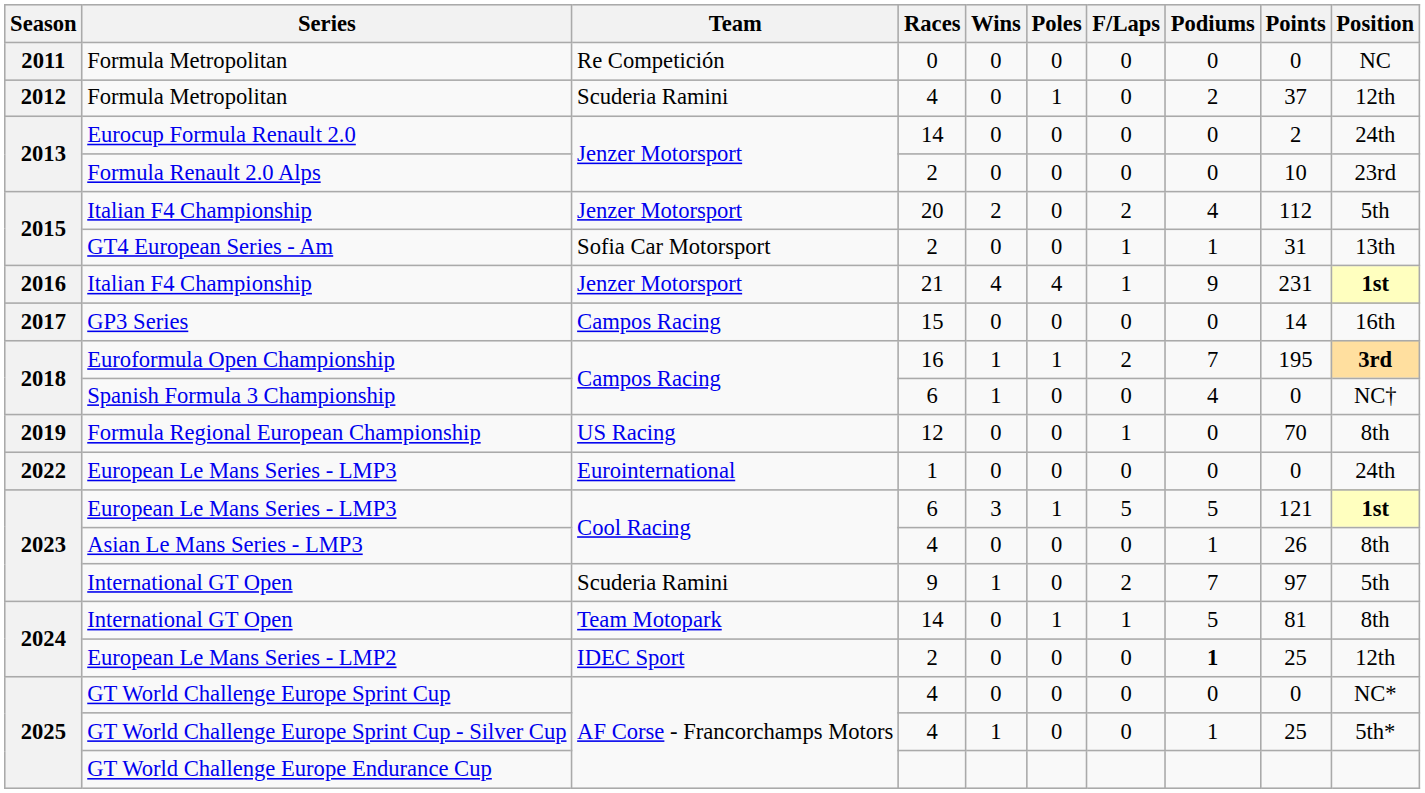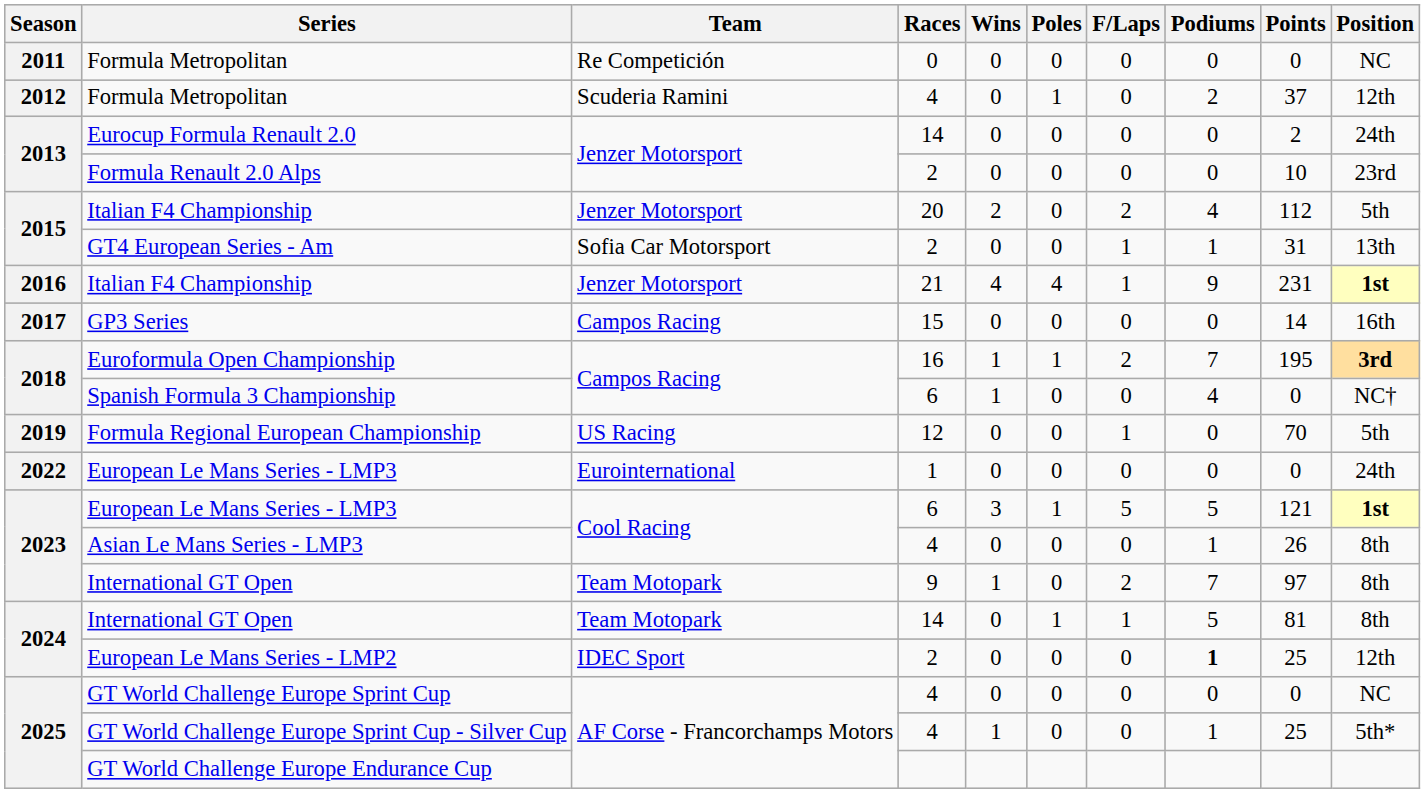 <table class="wikitable" style="font-size: 90%; text-align:center">
 <tr>
 <th>Season</th>
 <th>Series</th>
 <th>Team</th>
 <th>Races</th>
 <th>Wins</th>
 <th>Poles</th>
 <th>F/Laps</th>
 <th>Podiums</th>
 <th>Points</th>
 <th>Position</th>
 </tr>
 <tr>
 <th>2011</th>
 <td align=left>Formula Metropolitan</td>
 <td align=left>Re Competición</td>
 <td>0</td>
 <td>0</td>
 <td>0</td>
 <td>0</td>
 <td>0</td>
 <td>0</td>
 <td>NC</td>
 </tr>
 <tr>
 <th>2012</th>
 <td align=left>Formula Metropolitan</td>
 <td align=left>Scuderia Ramini</td>
 <td>4</td>
 <td>0</td>
 <td>1</td>
 <td>0</td>
 <td>2</td>
 <td>37</td>
 <td>12th</td>
 </tr>
 <tr>
 <th rowspan=2>2013</th>
 <td align=left><a href='#'>Eurocup Formula Renault 2.0</a></td>
 <td align=left rowspan=2><a href='#'>Jenzer Motorsport</a></td>
 <td>14</td>
 <td>0</td>
 <td>0</td>
 <td>0</td>
 <td>0</td>
 <td>2</td>
 <td>24th</td>
 </tr>
 <tr>
 <td align=left><a href='#'>Formula Renault 2.0 Alps</a></td>
 <td>2</td>
 <td>0</td>
 <td>0</td>
 <td>0</td>
 <td>0</td>
 <td>10</td>
 <td>23rd</td>
 </tr>
 <tr>
 <th rowspan=2>2015</th>
 <td align=left><a href='#'>Italian F4 Championship</a></td>
 <td align=left><a href='#'>Jenzer Motorsport</a></td>
 <td>20</td>
 <td>2</td>
 <td>0</td>
 <td>2</td>
 <td>4</td>
 <td>112</td>
 <td>5th</td>
 </tr>
 <tr>
 <td align=left><a href='#'>GT4 European Series - Am</a></td>
 <td align=left>Sofia Car Motorsport</td>
 <td>2</td>
 <td>0</td>
 <td>0</td>
 <td>1</td>
 <td>1</td>
 <td>31</td>
 <td>13th</td>
 </tr>
 <tr>
 <th>2016</th>
 <td align=left><a href='#'>Italian F4 Championship</a></td>
 <td align=left><a href='#'>Jenzer Motorsport</a></td>
 <td>21</td>
 <td>4</td>
 <td>4</td>
 <td>1</td>
 <td>9</td>
 <td>231</td>
 <td style="background:#FFFFBF;"><strong>1st</strong></td>
 </tr>
 <tr>
 <th>2017</th>
 <td align=left><a href='#'>GP3 Series</a></td>
 <td align=left><a href='#'>Campos Racing</a></td>
 <td>15</td>
 <td>0</td>
 <td>0</td>
 <td>0</td>
 <td>0</td>
 <td>14</td>
 <td>16th</td>
 </tr>
 <tr>
 <th rowspan=2>2018</th>
 <td align=left><a href='#'>Euroformula Open Championship</a></td>
 <td align=left rowspan=2><a href='#'>Campos Racing</a></td>
 <td>16</td>
 <td>1</td>
 <td>1</td>
 <td>2</td>
 <td>7</td>
 <td>195</td>
 <td style="background:#FFDF9F;"><strong>3rd</strong></td>
 </tr>
 <tr>
 <td align=left><a href='#'>Spanish Formula 3 Championship</a></td>
 <td>6</td>
 <td>1</td>
 <td>0</td>
 <td>0</td>
 <td>4</td>
 <td>0</td>
 <td>NC†</td>
 </tr>
 <tr>
 <th>2019</th>
 <td align=left><a href='#'>Formula Regional European Championship</a></td>
 <td align=left><a href='#'>US Racing</a></td>
 <td>12</td>
 <td>0</td>
 <td>0</td>
 <td>1</td>
 <td>0</td>
 <td>70</td>
-<td>8th</td>
+<td>5th</td>
 </tr>
 <tr>
 <th>2022</th>
 <td align=left><a href='#'>European Le Mans Series - LMP3</a></td>
 <td align=left><a href='#'>Eurointernational</a></td>
 <td>1</td>
 <td>0</td>
 <td>0</td>
 <td>0</td>
 <td>0</td>
 <td>0</td>
 <td>24th</td>
 </tr>
 <tr>
 <th rowspan="3">2023</th>
 <td align="left"><a href='#'>European Le Mans Series - LMP3</a></td>
 <td rowspan="2" align="left"><a href='#'>Cool Racing</a></td>
 <td>6</td>
 <td>3</td>
 <td>1</td>
 <td>5</td>
 <td>5</td>
 <td>121</td>
 <td style="background:#FFFFBF;"><strong>1st</strong></td>
 </tr>
 <tr>
 <td align=left><a href='#'>Asian Le Mans Series - LMP3</a></td>
 <td>4</td>
 <td>0</td>
 <td>0</td>
 <td>0</td>
 <td>1</td>
 <td>26</td>
 <td>8th</td>
 </tr>
 <tr>
 <td align=left><a href='#'>International GT Open</a></td>
-<td align=left>Scuderia Ramini</td>
+<td align=left><a href='#'>Team Motopark</a></td>
 <td>9</td>
 <td>1</td>
 <td>0</td>
 <td>2</td>
 <td>7</td>
 <td>97</td>
-<td>5th</td>
+<td>8th</td>
 </tr>
 <tr>
 <th rowspan="2">2024</th>
 <td align=left><a href='#'>International GT Open</a></td>
 <td align=left><a href='#'>Team Motopark</a></td>
 <td>14</td>
 <td>0</td>
 <td>1</td>
 <td>1</td>
 <td>5</td>
 <td>81</td>
 <td>8th</td>
 </tr>
 <tr>
 <td align=left><a href='#'>European Le Mans Series - LMP2</a></td>
 <td align=left><a href='#'>IDEC Sport</a></td>
 <td>2</td>
 <td>0</td>
 <td>0</td>
 <td>0</td>
 <td><strong>1</strong></td>
 <td>25</td>
 <td>12th</td>
 </tr>
 <tr>
 <th rowspan="3">2025</th>
 <td align=left><a href='#'>GT World Challenge Europe Sprint Cup</a></td>
 <td rowspan="3" align="left"><a href='#'>AF Corse</a> - Francorchamps Motors</td>
 <td>4</td>
 <td>0</td>
 <td>0</td>
 <td>0</td>
 <td>0</td>
 <td>0</td>
-<td>NC*</td>
+<td>NC</td>
 </tr>
 <tr>
 <td align=left><a href='#'>GT World Challenge Europe Sprint Cup - Silver Cup</a></td>
 <td>4</td>
 <td>1</td>
 <td>0</td>
 <td>0</td>
 <td>1</td>
 <td>25</td>
 <td>5th*</td>
 </tr>
 <tr>
 <td align="left"><a href='#'>GT World Challenge Europe Endurance Cup</a></td>
 <td></td>
 <td></td>
 <td></td>
 <td></td>
 <td></td>
 <td></td>
 <td></td>
 </tr>
 </table>
